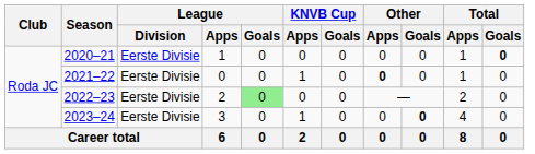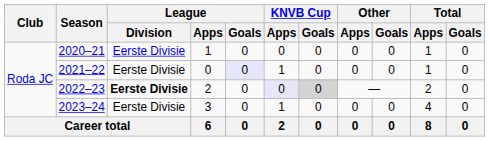 <table class="wikitable" style="text-align:center">
 <tr>
 <th rowspan="2">Club</th>
 <th rowspan="2">Season</th>
 <th colspan="3">League</th>
 <th colspan="2"><a href='#'>KNVB Cup</a></th>
 <th colspan="2">Other</th>
 <th colspan="2">Total</th>
 </tr>
 <tr>
 <th>Division</th>
 <th>Apps</th>
 <th>Goals</th>
 <th>Apps</th>
 <th>Goals</th>
 <th>Apps</th>
 <th>Goals</th>
 <th>Apps</th>
 <th>Goals</th>
 </tr>
 <tr>
 <td rowspan="4"><a href='#'>Roda JC</a></td>
 <td><a href='#'>2020–21</a></td>
 <td><a href='#'>Eerste Divisie</a></td>
 <td>1</td>
 <td>0</td>
 <td>0</td>
 <td>0</td>
 <td>0</td>
 <td>0</td>
 <td>1</td>
-<td><strong>0</strong></td>
+<td>0</td>
 </tr>
 <tr>
 <td><a href='#'>2021–22</a></td>
 <td>Eerste Divisie</td>
 <td>0</td>
-<td>0</td>
+<td style="background: lavender;">0</td>
 <td>1</td>
 <td>0</td>
-<td><strong>0</strong></td>
+<td>0</td>
 <td>0</td>
 <td>1</td>
 <td>0</td>
 </tr>
 <tr>
 <td><a href='#'>2022–23</a></td>
-<td>Eerste Divisie</td>
+<td><strong>Eerste Divisie</strong></td>
 <td>2</td>
-<td style="background: lightgreen;">0</td>
 <td>0</td>
-<td>0</td>
+<td style="background: lavender;">0</td>
+<td style="background: lightgrey;">0</td>
 <td colspan="2">—</td>
 <td>2</td>
 <td>0</td>
 </tr>
 <tr>
 <td><a href='#'>2023–24</a></td>
 <td>Eerste Divisie</td>
 <td>3</td>
 <td>0</td>
 <td>1</td>
 <td>0</td>
 <td>0</td>
-<td><strong>0</strong></td>
+<td>0</td>
 <td>4</td>
 <td>0</td>
 </tr>
 <tr>
 <th colspan="3">Career total</th>
 <th>6</th>
 <th>0</th>
 <th>2</th>
 <th>0</th>
 <th>0</th>
 <th>0</th>
 <th>8</th>
 <th>0</th>
 </tr>
 </table>
